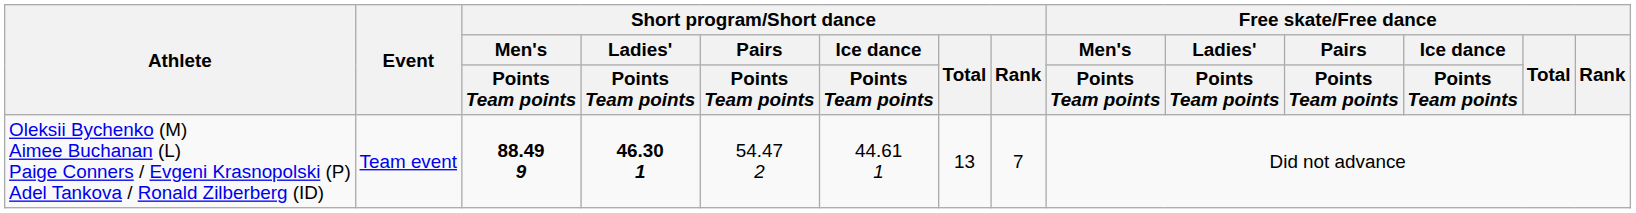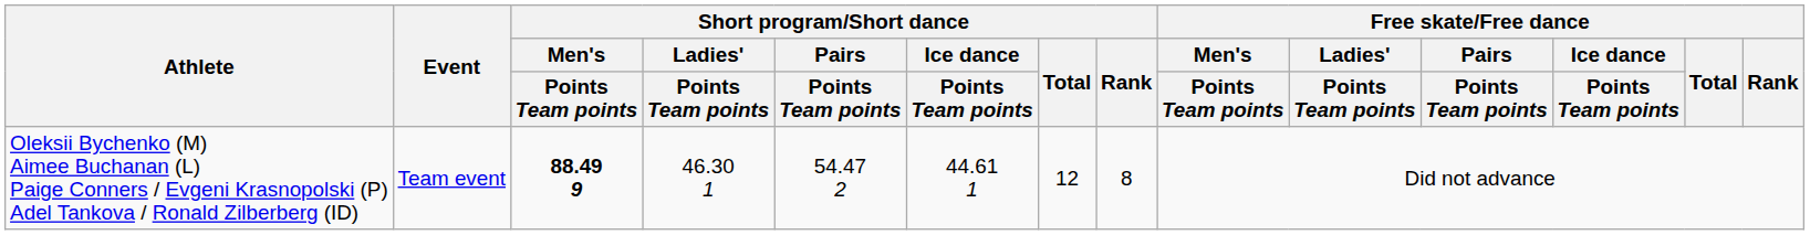 <table class="wikitable" style="font-size:90%">
 <tr>
 <th rowspan=3>Athlete</th>
 <th rowspan=3>Event</th>
 <th colspan=6>Short program/Short dance</th>
 <th colspan=6>Free skate/Free dance</th>
 </tr>
 <tr>
 <th>Men's</th>
 <th>Ladies'</th>
 <th>Pairs</th>
 <th>Ice dance</th>
 <th rowspan=2>Total</th>
 <th rowspan=2>Rank</th>
 <th>Men's</th>
 <th>Ladies'</th>
 <th>Pairs</th>
 <th>Ice dance</th>
 <th rowspan=2>Total</th>
 <th rowspan=2>Rank</th>
 </tr>
 <tr>
 <th>Points<br><em>Team points</em></th>
 <th>Points<br><em>Team points</em></th>
 <th>Points<br><em>Team points</em></th>
 <th>Points<br><em>Team points</em></th>
 <th>Points<br><em>Team points</em></th>
 <th>Points<br><em>Team points</em></th>
 <th>Points<br><em>Team points</em></th>
 <th>Points<br><em>Team points</em></th>
 </tr>
 <tr align=center>
 <td align=left><a href='#'>Oleksii Bychenko</a> (M)<br><a href='#'>Aimee Buchanan</a> (L)<br><a href='#'>Paige Conners</a> / <a href='#'>Evgeni Krasnopolski</a> (P)<br> <a href='#'>Adel Tankova</a> / <a href='#'>Ronald Zilberberg</a> (ID)</td>
 <td align=left><a href='#'>Team event</a></td>
 <td><strong>88.49<br><em>9</em></strong></td>
-<td><strong>46.30<br><em>1</em></strong></td>
+<td>46.30<br><em>1</em></td>
 <td>54.47<br><em>2</em></td>
 <td>44.61<br><em>1</em></td>
-<td>13</td>
-<td>7</td>
+<td>12</td>
+<td>8</td>
 <td colspan=6>Did not advance</td>
 </tr>
 </table>
